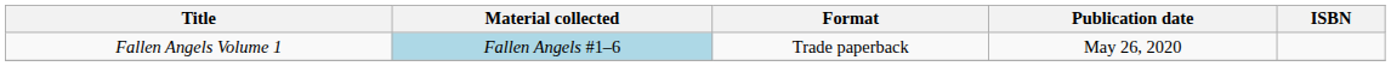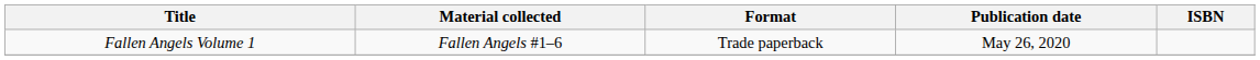 <table class="wikitable" style="text-align:center; width:100%">
 <tr>
 <th scope="col">Title</th>
 <th scope="col">Material collected</th>
 <th scope="col">Format</th>
 <th scope="col">Publication date</th>
 <th scope="col">ISBN</th>
 </tr>
 <tr>
 <td><em>Fallen Angels Volume 1</em></td>
-<td style="background: lightblue;"><em>Fallen Angels</em> #1–6</td>
+<td><em>Fallen Angels</em> #1–6</td>
 <td>Trade paperback</td>
 <td>May 26, 2020</td>
 <td></td>
 </tr>
 <tr>
 </tr>
 </table>
